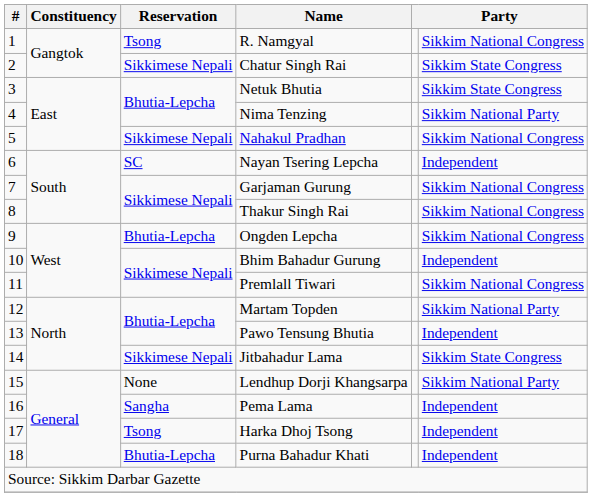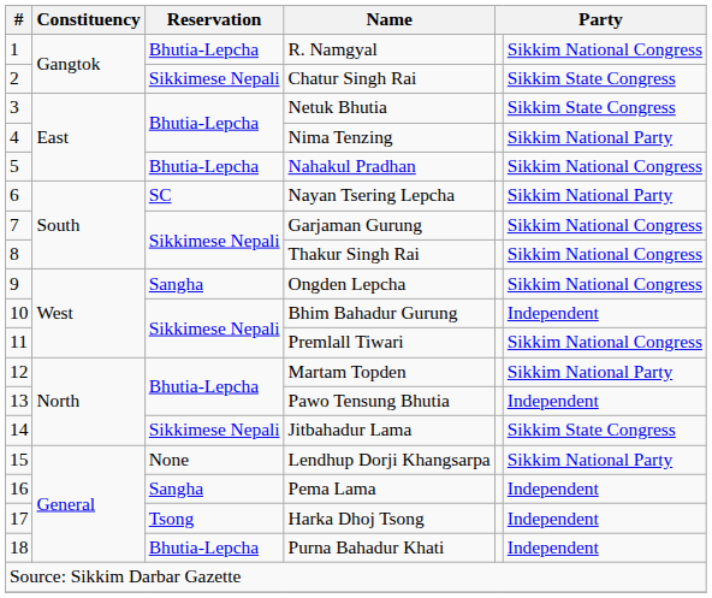 <table class="wikitable sortable">
 <tr>
 <th>#</th>
 <th>Constituency</th>
 <th>Reservation</th>
 <th>Name</th>
 <th colspan=2>Party</th>
 </tr>
 <tr>
 <td>1</td>
 <td rowspan=2>Gangtok</td>
-<td><a href='#'>Tsong</a></td>
+<td><a href='#'>Bhutia-Lepcha</a></td>
 <td>R. Namgyal</td>
 <td style="background-color: "></td>
 <td><a href='#'>Sikkim National Congress</a></td>
 </tr>
 <tr>
 <td>2</td>
 <td><a href='#'>Sikkimese Nepali</a></td>
 <td>Chatur Singh Rai</td>
 <td style="background-color: "></td>
 <td><a href='#'>Sikkim State Congress</a></td>
 </tr>
 <tr>
 <td>3</td>
 <td rowspan=3>East</td>
 <td rowspan=2><a href='#'>Bhutia-Lepcha</a></td>
 <td>Netuk Bhutia</td>
 <td style="background-color: "></td>
 <td><a href='#'>Sikkim State Congress</a></td>
 </tr>
 <tr>
 <td>4</td>
 <td>Nima Tenzing</td>
 <td style="background-color: "></td>
 <td><a href='#'>Sikkim National Party</a></td>
 </tr>
 <tr>
 <td>5</td>
-<td><a href='#'>Sikkimese Nepali</a></td>
+<td><a href='#'>Bhutia-Lepcha</a></td>
 <td><a href='#'>Nahakul Pradhan</a></td>
 <td style="background-color: "></td>
 <td><a href='#'>Sikkim National Congress</a></td>
 </tr>
 <tr>
 <td>6</td>
 <td rowspan=3>South</td>
 <td><a href='#'>SC</a></td>
 <td>Nayan Tsering Lepcha</td>
 <td style="background-color: "></td>
-<td><a href='#'>Independent</a></td>
+<td><a href='#'>Sikkim National Party</a></td>
 </tr>
 <tr>
 <td>7</td>
 <td rowspan=2><a href='#'>Sikkimese Nepali</a></td>
 <td>Garjaman Gurung</td>
 <td style="background-color: "></td>
 <td><a href='#'>Sikkim National Congress</a></td>
 </tr>
 <tr>
 <td>8</td>
 <td>Thakur Singh Rai</td>
 <td style="background-color: "></td>
 <td><a href='#'>Sikkim National Congress</a></td>
 </tr>
 <tr>
 <td>9</td>
 <td rowspan=3>West</td>
-<td><a href='#'>Bhutia-Lepcha</a></td>
+<td><a href='#'>Sangha</a></td>
 <td>Ongden Lepcha</td>
 <td style="background-color: "></td>
 <td><a href='#'>Sikkim National Congress</a></td>
 </tr>
 <tr>
 <td>10</td>
 <td rowspan=2><a href='#'>Sikkimese Nepali</a></td>
 <td>Bhim Bahadur Gurung</td>
 <td style="background-color: "></td>
 <td><a href='#'>Independent</a></td>
 </tr>
 <tr>
 <td>11</td>
 <td>Premlall Tiwari</td>
 <td style="background-color: "></td>
 <td><a href='#'>Sikkim National Congress</a></td>
 </tr>
 <tr>
 <td>12</td>
 <td rowspan=3>North</td>
 <td rowspan=2><a href='#'>Bhutia-Lepcha</a></td>
 <td>Martam Topden</td>
 <td style="background-color: "></td>
 <td><a href='#'>Sikkim National Party</a></td>
 </tr>
 <tr>
 <td>13</td>
 <td>Pawo Tensung Bhutia</td>
 <td style="background-color: "></td>
 <td><a href='#'>Independent</a></td>
 </tr>
 <tr>
 <td>14</td>
 <td><a href='#'>Sikkimese Nepali</a></td>
 <td>Jitbahadur Lama</td>
 <td style="background-color: "></td>
 <td><a href='#'>Sikkim State Congress</a></td>
 </tr>
 <tr>
 <td>15</td>
 <td rowspan=4><a href='#'>General</a></td>
 <td>None</td>
 <td>Lendhup Dorji Khangsarpa</td>
 <td style="background-color: "></td>
 <td><a href='#'>Sikkim National Party</a></td>
 </tr>
 <tr>
 <td>16</td>
 <td><a href='#'>Sangha</a></td>
 <td>Pema Lama</td>
 <td style="background-color: "></td>
 <td><a href='#'>Independent</a></td>
 </tr>
 <tr>
 <td>17</td>
 <td><a href='#'>Tsong</a></td>
 <td>Harka Dhoj Tsong</td>
 <td style="background-color: "></td>
 <td><a href='#'>Independent</a></td>
 </tr>
 <tr>
 <td>18</td>
 <td><a href='#'>Bhutia-Lepcha</a></td>
 <td>Purna Bahadur Khati</td>
 <td style="background-color: "></td>
 <td><a href='#'>Independent</a></td>
 </tr>
 <tr class="sortbottom">
 <td colspan=6>Source: Sikkim Darbar Gazette</td>
 </tr>
 <tr>
 </tr>
 </table>
